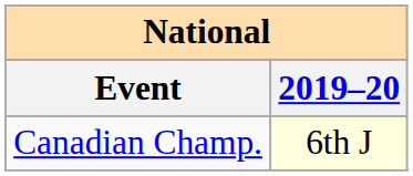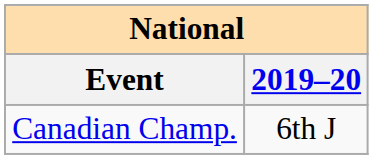 <table class="wikitable" style="text-align:center">
 <tr | 1>
 <th style="background-color: #ffdead; " colspan=2 align=center>National</th>
 </tr>
 <tr>
 <th>Event</th>
 <th><a href='#'>2019–20</a></th>
 </tr>
 <tr>
 <td align=left><a href='#'>Canadian Champ.</a></td>
-<td style="background: lightyellow;">6th J</td>
+<td>6th J</td>
 </tr>
 </table>
